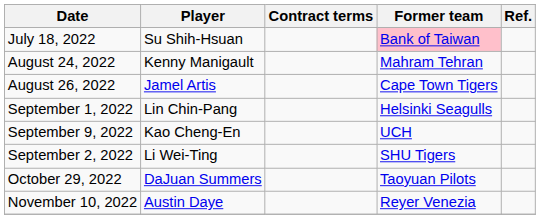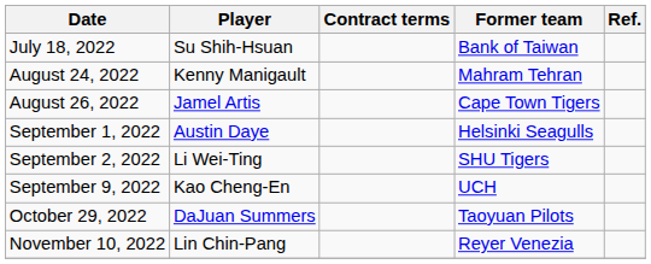 <table class="wikitable">
 <tr>
 <th>Date</th>
 <th>Player</th>
 <th>Contract terms</th>
 <th>Former team</th>
 <th>Ref.</th>
 </tr>
 <tr>
 <td>July 18, 2022</td>
 <td>Su Shih-Hsuan</td>
 <td></td>
-<td style="background: pink;"><a href='#'>Bank of Taiwan</a></td>
+<td><a href='#'>Bank of Taiwan</a></td>
 <td></td>
 </tr>
 <tr>
 <td>August 24, 2022</td>
 <td>Kenny Manigault</td>
 <td></td>
 <td><a href='#'>Mahram Tehran</a></td>
 <td></td>
 </tr>
 <tr>
 <td>August 26, 2022</td>
 <td><a href='#'>Jamel Artis</a></td>
 <td></td>
 <td><a href='#'>Cape Town Tigers</a></td>
 <td></td>
 </tr>
 <tr>
 <td>September 1, 2022</td>
-<td>Lin Chin-Pang</td>
+<td><a href='#'>Austin Daye</a></td>
 <td></td>
 <td><a href='#'>Helsinki Seagulls</a></td>
+<td></td>
+</tr>
+<tr>
+<td>September 2, 2022</td>
+<td>Li Wei-Ting</td>
+<td></td>
+<td><a href='#'>SHU Tigers</a></td>
 <td></td>
 </tr>
 <tr>
 <td>September 9, 2022</td>
 <td>Kao Cheng-En</td>
 <td></td>
 <td><a href='#'>UCH</a></td>
-<td></td>
-</tr>
-<tr>
-<td>September 2, 2022</td>
-<td>Li Wei-Ting</td>
-<td></td>
-<td><a href='#'>SHU Tigers</a></td>
 <td></td>
 </tr>
 <tr>
 <td>October 29, 2022</td>
 <td><a href='#'>DaJuan Summers</a></td>
 <td></td>
 <td><a href='#'>Taoyuan Pilots</a></td>
 <td></td>
 </tr>
 <tr>
 <td>November 10, 2022</td>
-<td><a href='#'>Austin Daye</a></td>
+<td>Lin Chin-Pang</td>
 <td></td>
 <td><a href='#'>Reyer Venezia</a></td>
 <td></td>
 </tr>
 <tr>
 </tr>
 </table>
